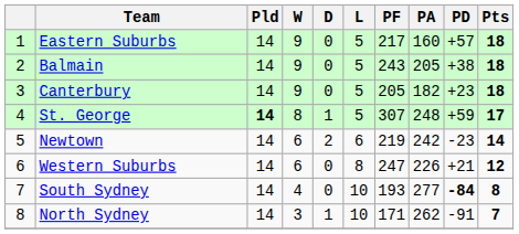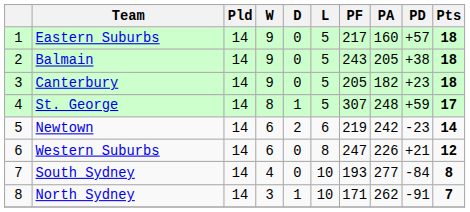 <table class="wikitable" style="text-align:center;">
 <tr>
 <th width=20 abbr="Position"></th>
 <th width=175>Team</th>
 <th width=20 abbr="Played">Pld</th>
 <th width=20 abbr="Won">W</th>
 <th width=20 abbr="Drawn">D</th>
 <th width=20 abbr="Lost">L</th>
 <th width=20 abbr="Points for">PF</th>
 <th width=20 abbr="Points against">PA</th>
 <th width=20 abbr="Points difference">PD</th>
 <th width=20 abbr="Points">Pts</th>
 </tr>
 <tr style="background: #ccffcc;">
 <td>1</td>
 <td style="text-align:left;"> <a href='#'>Eastern Suburbs</a></td>
 <td>14</td>
 <td>9</td>
 <td>0</td>
 <td>5</td>
 <td>217</td>
 <td>160</td>
 <td>+57</td>
 <td><strong>18</strong></td>
 </tr>
 <tr style="background: #ccffcc;">
 <td>2</td>
 <td style="text-align:left;"> <a href='#'>Balmain</a></td>
 <td>14</td>
 <td>9</td>
 <td>0</td>
 <td>5</td>
 <td>243</td>
 <td>205</td>
 <td>+38</td>
 <td><strong>18</strong></td>
 </tr>
 <tr style="background: #ccffcc;">
 <td>3</td>
 <td style="text-align:left;"> <a href='#'>Canterbury</a></td>
 <td>14</td>
 <td>9</td>
 <td>0</td>
 <td>5</td>
 <td>205</td>
 <td>182</td>
 <td>+23</td>
 <td><strong>18</strong></td>
 </tr>
 <tr style="background: #ccffcc;">
 <td>4</td>
 <td style="text-align:left;"> <a href='#'>St. George</a></td>
-<td><strong>14</strong></td>
+<td>14</td>
 <td>8</td>
 <td>1</td>
 <td>5</td>
 <td>307</td>
 <td>248</td>
 <td>+59</td>
 <td><strong>17</strong></td>
 </tr>
 <tr>
 <td>5</td>
 <td style="text-align:left;"> <a href='#'>Newtown</a></td>
 <td>14</td>
 <td>6</td>
 <td>2</td>
 <td>6</td>
 <td>219</td>
 <td>242</td>
 <td>-23</td>
 <td><strong>14</strong></td>
 </tr>
 <tr>
 <td>6</td>
 <td style="text-align:left;"> <a href='#'>Western Suburbs</a></td>
 <td>14</td>
 <td>6</td>
 <td>0</td>
 <td>8</td>
 <td>247</td>
 <td>226</td>
 <td>+21</td>
 <td><strong>12</strong></td>
 </tr>
 <tr>
 <td>7</td>
 <td style="text-align:left;"> <a href='#'>South Sydney</a></td>
 <td>14</td>
 <td>4</td>
 <td>0</td>
 <td>10</td>
 <td>193</td>
 <td>277</td>
-<td><strong>-84</strong></td>
+<td>-84</td>
 <td><strong>8</strong></td>
 </tr>
 <tr>
 <td>8</td>
 <td style="text-align:left;"> <a href='#'>North Sydney</a></td>
 <td>14</td>
 <td>3</td>
 <td>1</td>
 <td>10</td>
 <td>171</td>
 <td>262</td>
 <td>-91</td>
 <td><strong>7</strong></td>
 </tr>
 <tr>
 </tr>
 </table>
